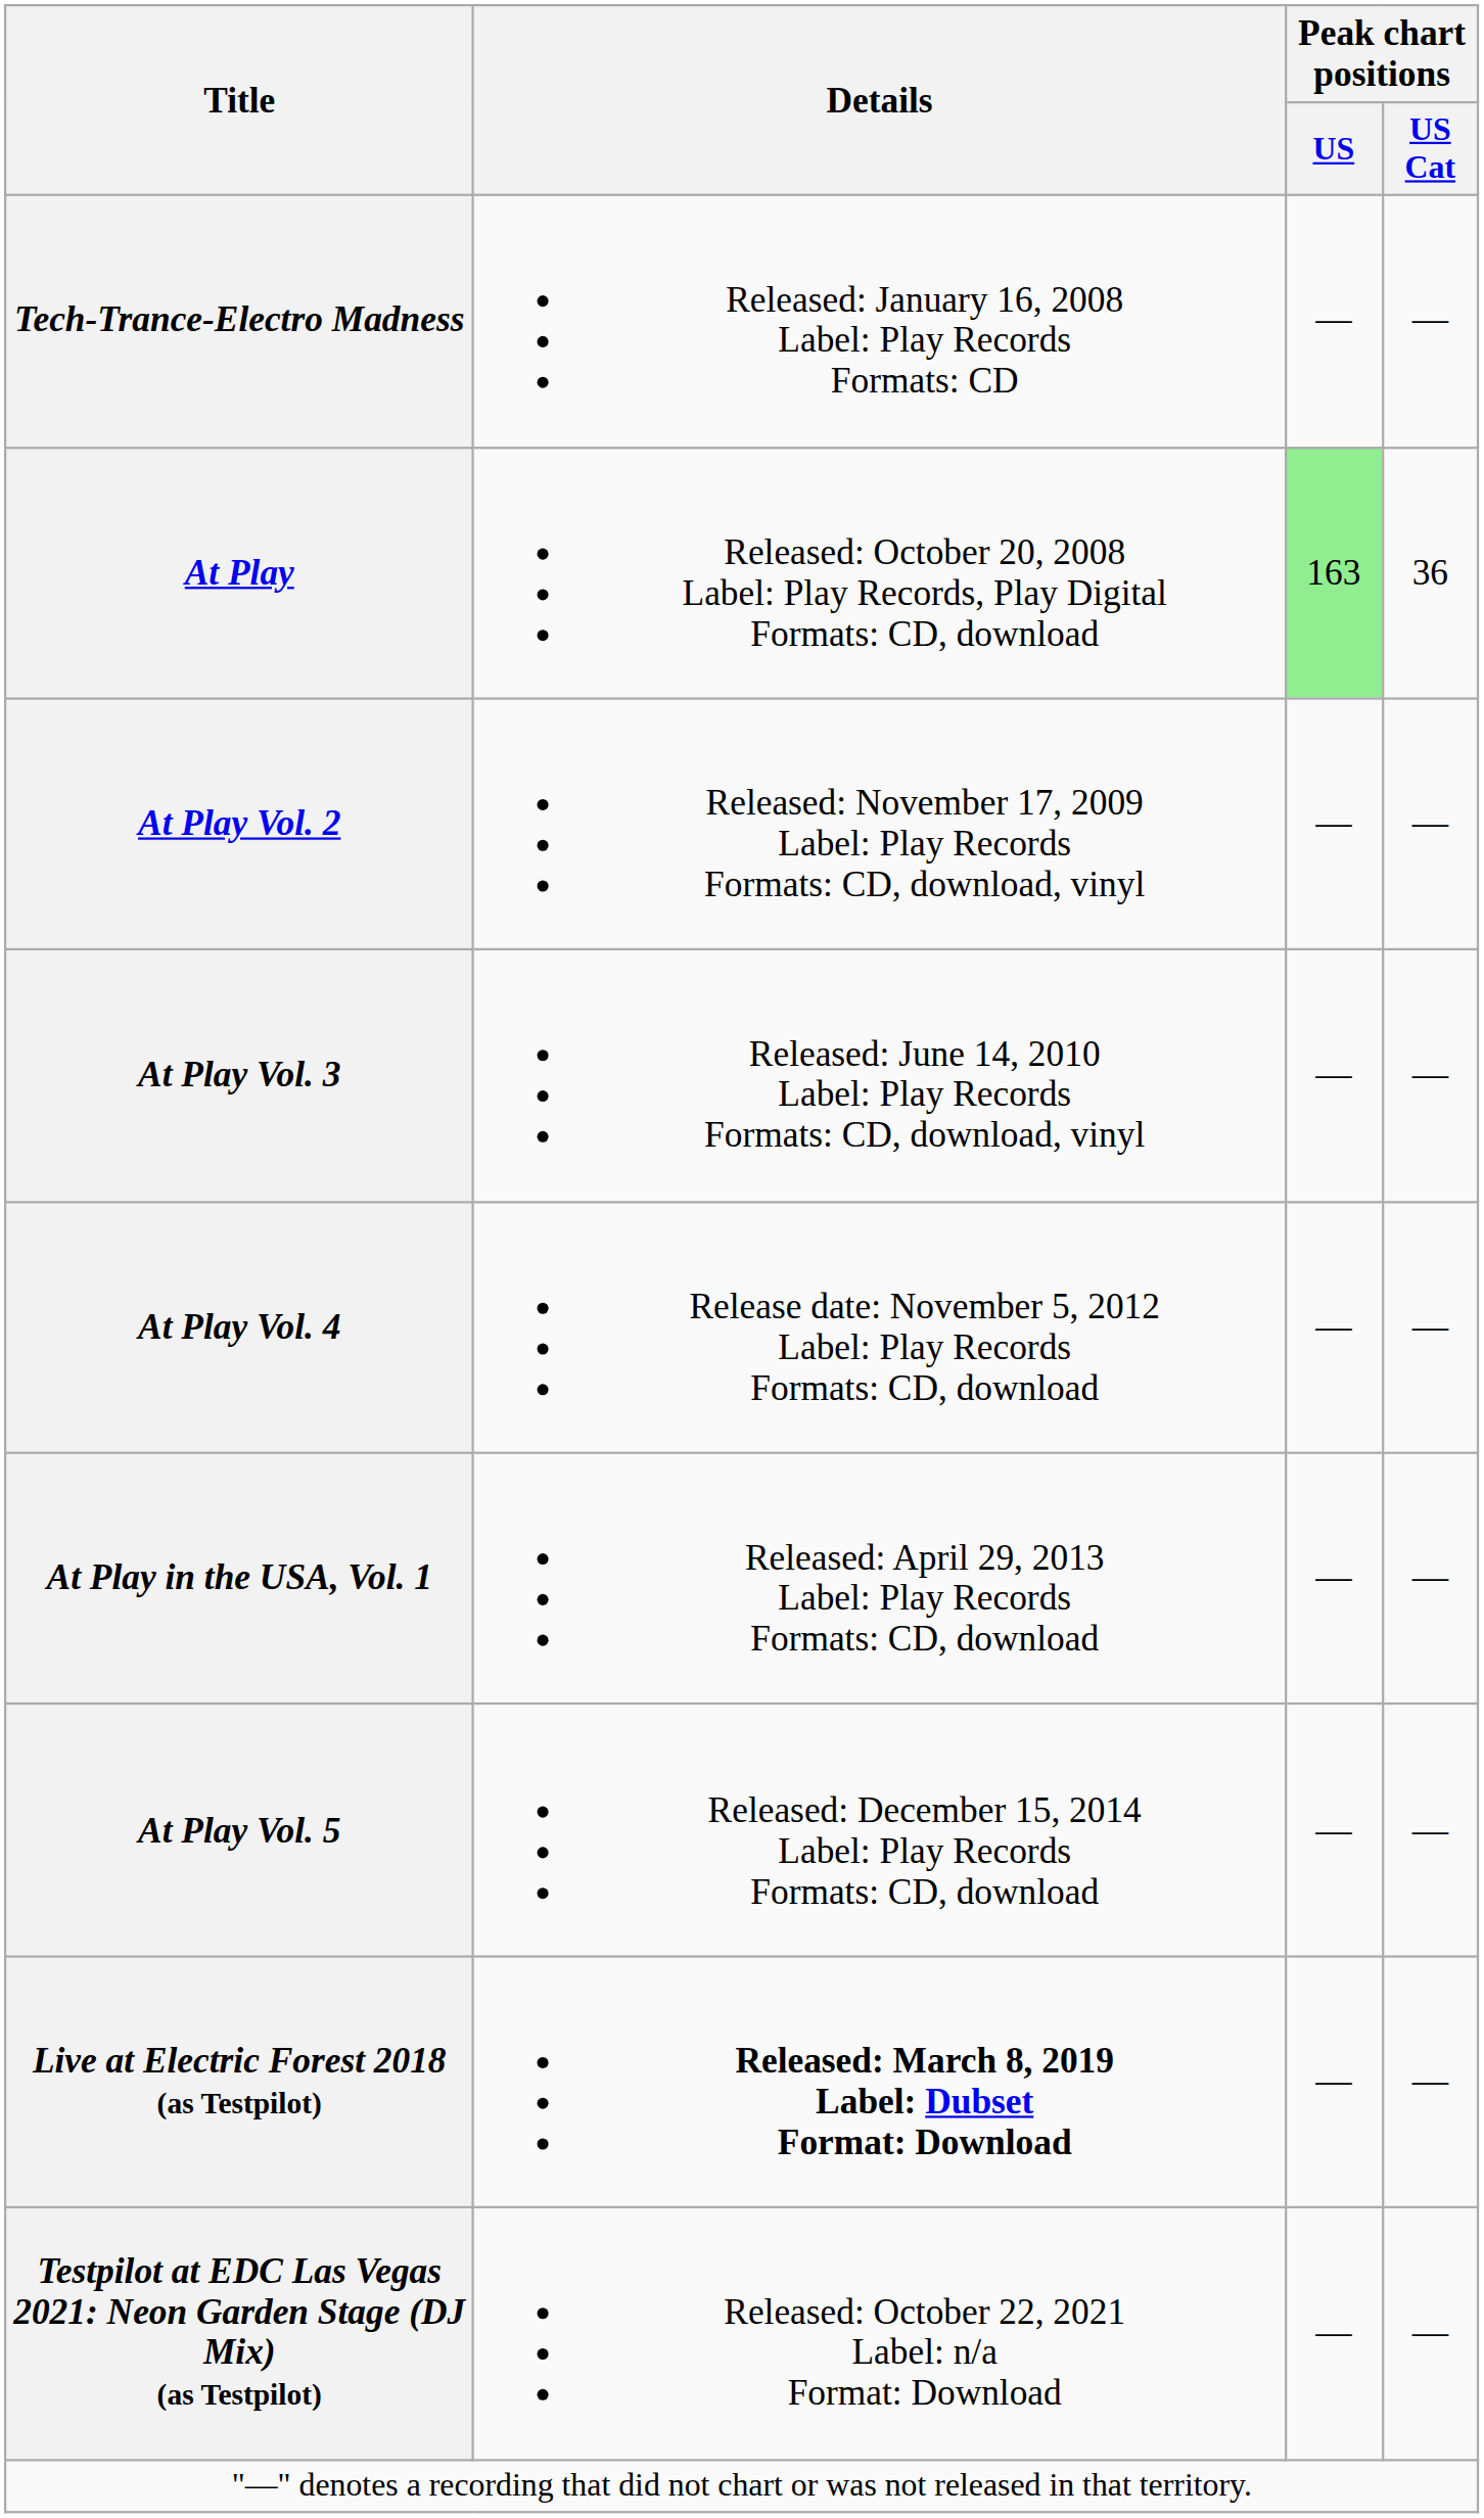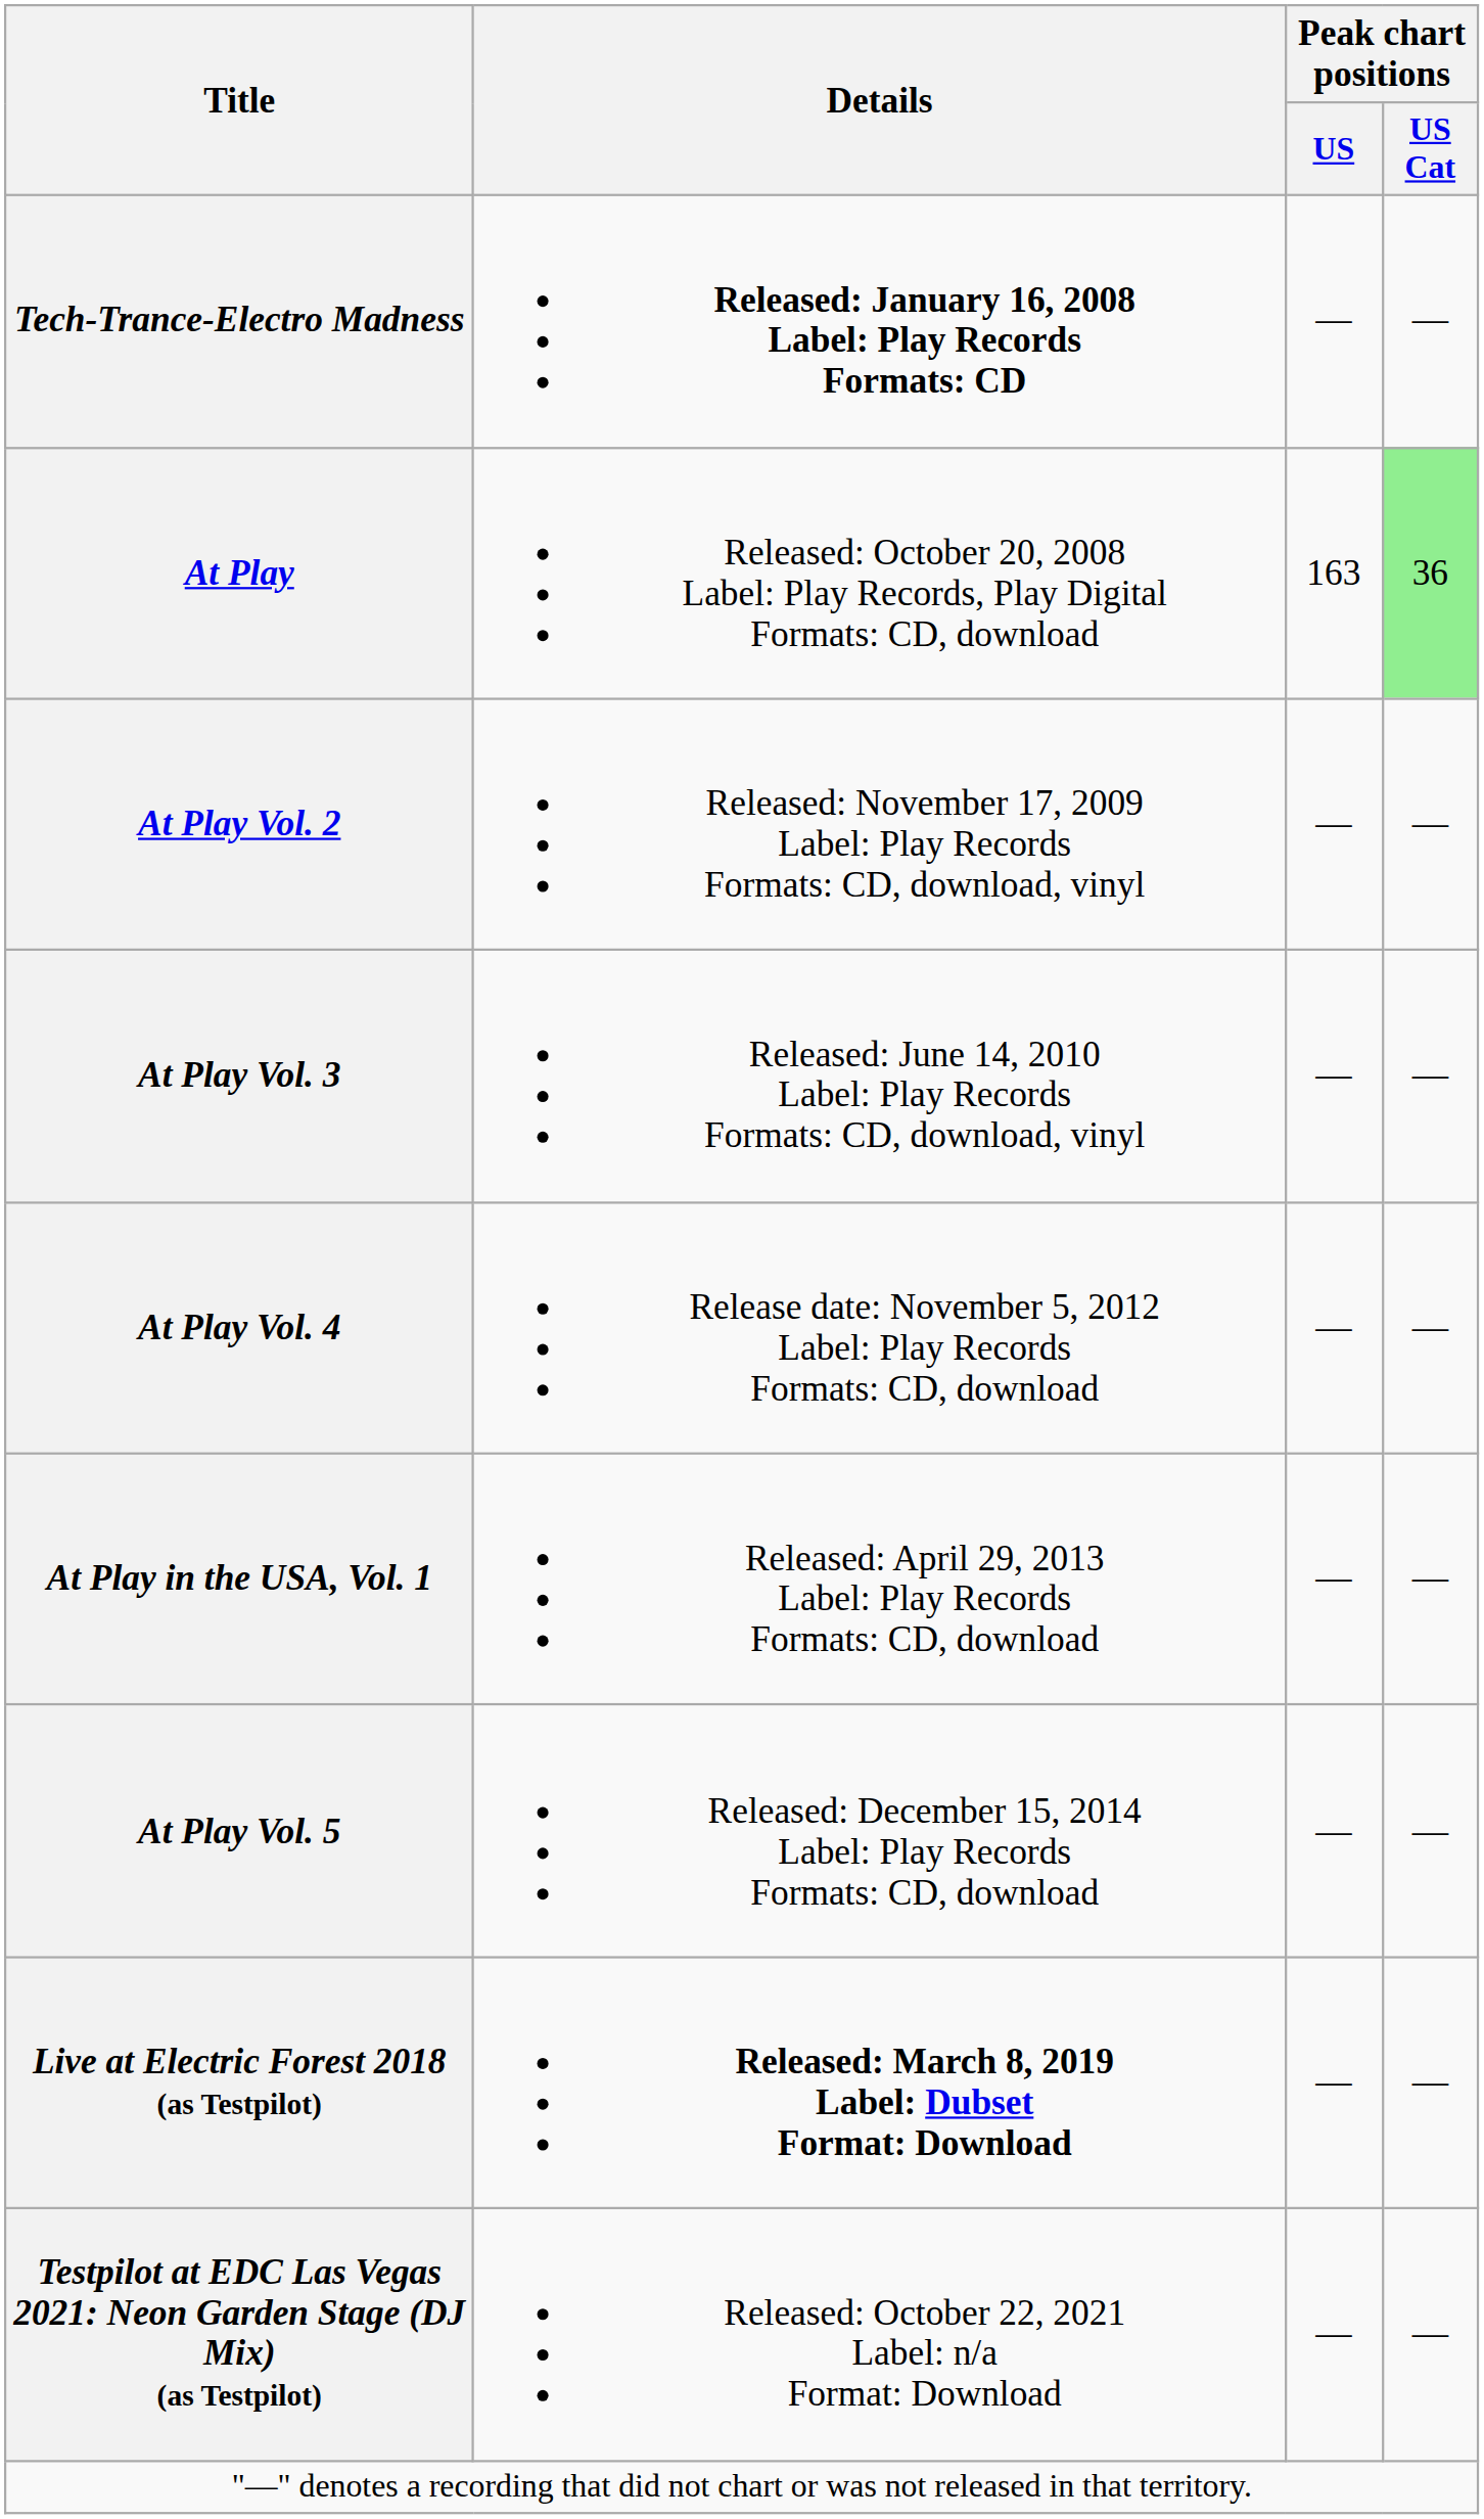 <table class="wikitable plainrowheaders" style="text-align:center;">
 <tr>
 <th scope="col" rowspan="2" style="width:12.5em;">Title</th>
 <th scope="col" rowspan="2" style="width:22em;">Details</th>
 <th scope="col" colspan="2">Peak chart positions</th>
 </tr>
 <tr>
 <th scope="col" style="width:2.5em;font-size:90%;"><a href='#'>US</a><br></th>
 <th scope="col" style="width:2.5em;font-size:90%;"><a href='#'>US<br>Cat</a><br></th>
 </tr>
 <tr>
 <th scope="row"><em>Tech-Trance-Electro Madness</em><br></th>
-<td><br><ul><li>Released: January 16, 2008</li><li>Label: Play Records</li><li>Formats: CD</li></ul></td>
+<td><strong><br><ul><li>Released: January 16, 2008</li><li>Label: Play Records</li><li>Formats: CD</li></ul></strong></td>
 <td>—</td>
 <td>—</td>
 </tr>
 <tr>
 <th scope="row"><em><a href='#'>At Play</a></em></th>
 <td><br><ul><li>Released: October 20, 2008</li><li>Label: Play Records, Play Digital</li><li>Formats: CD, download</li></ul></td>
-<td style="background: lightgreen;">163</td>
-<td>36</td>
+<td>163</td>
+<td style="background: lightgreen;">36</td>
 </tr>
 <tr>
 <th scope="row"><em><a href='#'>At Play Vol. 2</a></em></th>
 <td><br><ul><li>Released: November 17, 2009</li><li>Label: Play Records</li><li>Formats: CD, download, vinyl</li></ul></td>
 <td>—</td>
 <td>—</td>
 </tr>
 <tr>
 <th scope="row"><em>At Play Vol. 3</em></th>
 <td><br><ul><li>Released: June 14, 2010</li><li>Label: Play Records</li><li>Formats: CD, download, vinyl</li></ul></td>
 <td>—</td>
 <td>—</td>
 </tr>
 <tr>
 <th scope="row"><em>At Play Vol. 4</em></th>
 <td><br><ul><li>Release date: November 5, 2012</li><li>Label: Play Records</li><li>Formats: CD, download</li></ul></td>
 <td>—</td>
 <td>—</td>
 </tr>
 <tr>
 <th scope="row"><em>At Play in the USA, Vol. 1</em></th>
 <td><br><ul><li>Released: April 29, 2013</li><li>Label: Play Records</li><li>Formats: CD, download</li></ul></td>
 <td>—</td>
 <td>—</td>
 </tr>
 <tr>
 <th scope="row"><em>At Play Vol. 5</em></th>
 <td><br><ul><li>Released: December 15, 2014</li><li>Label: Play Records</li><li>Formats: CD, download</li></ul></td>
 <td>—</td>
 <td>—</td>
 </tr>
 <tr>
 <th scope="row"><em>Live at Electric Forest 2018</em> <br><small>(as Testpilot)</small></th>
 <td><strong><br><ul><li>Released: March 8, 2019</li><li>Label: <a href='#'>Dubset</a></li><li>Format: Download</li></ul></strong></td>
 <td>―</td>
 <td>―</td>
 </tr>
 <tr>
 <th scope="row"><em>Testpilot at EDC Las Vegas 2021: Neon Garden Stage (DJ Mix)</em> <br><small>(as Testpilot)</small></th>
 <td><br><ul><li>Released: October 22, 2021</li><li>Label: n/a</li><li>Format: Download</li></ul></td>
 <td>―</td>
 <td>―</td>
 </tr>
 <tr>
 <td colspan="12" style="font-size:90%">"—" denotes a recording that did not chart or was not released in that territory.</td>
 </tr>
 </table>
